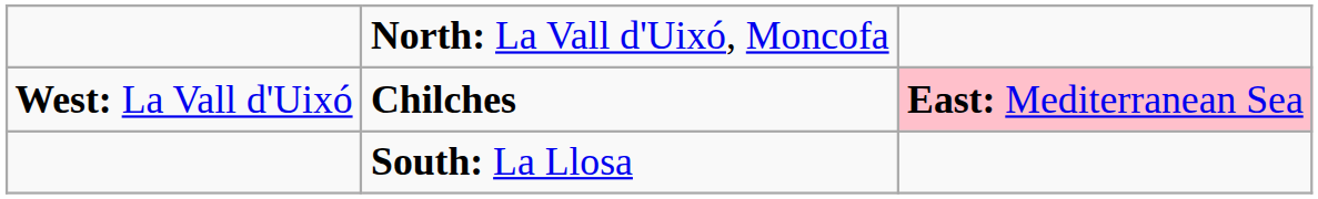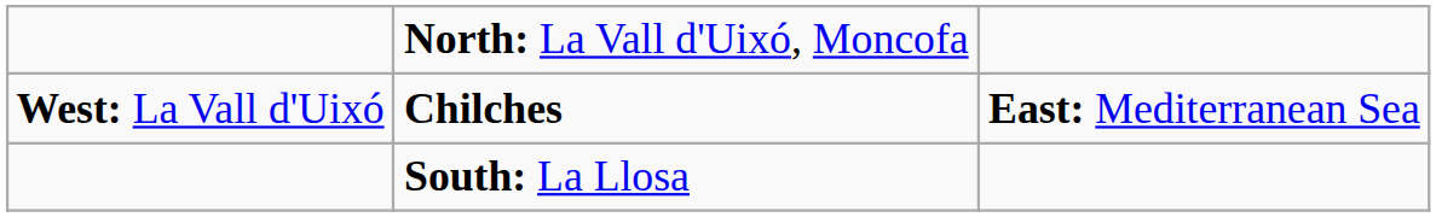 <table class="wikitable" style="margin:1em auto;">
 <tr>
 <td></td>
 <td><strong>North:</strong> <a href='#'>La Vall d'Uixó</a>, <a href='#'>Moncofa</a></td>
 <td></td>
 </tr>
 <tr>
 <td><strong>West:</strong> <a href='#'>La Vall d'Uixó</a></td>
 <td><strong>Chilches</strong></td>
-<td style="background: pink;"><strong>East:</strong> <a href='#'>Mediterranean Sea</a></td>
+<td><strong>East:</strong> <a href='#'>Mediterranean Sea</a></td>
 </tr>
 <tr>
 <td></td>
 <td><strong>South:</strong> <a href='#'>La Llosa</a></td>
 <td></td>
 </tr>
 </table>
